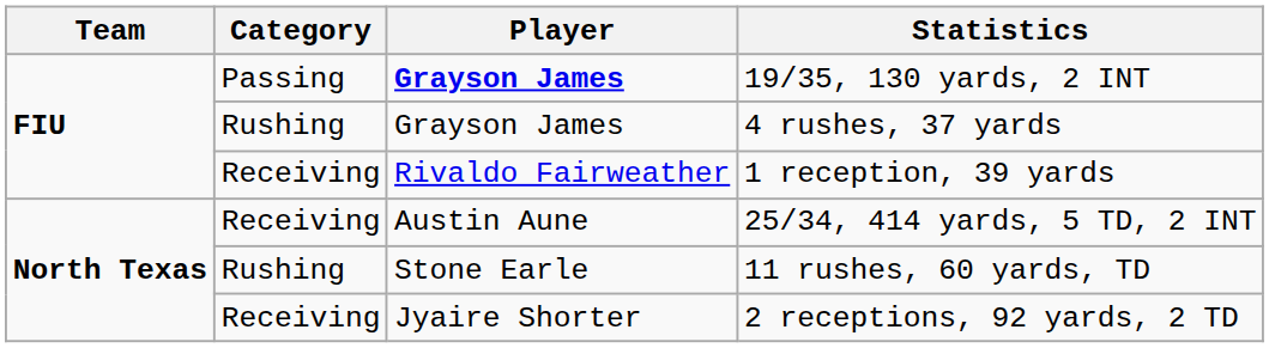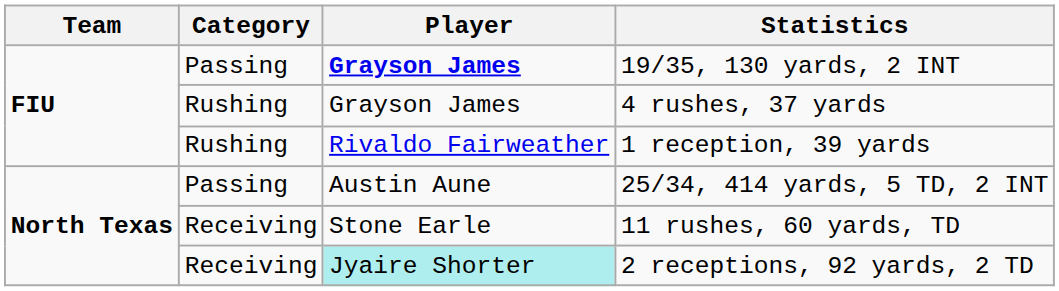 <table class="wikitable" style="float: left;">
 <tr>
 <th>Team</th>
 <th>Category</th>
 <th>Player</th>
 <th>Statistics</th>
 </tr>
 <tr>
 <td rowspan=3><strong>FIU</strong></td>
 <td>Passing</td>
 <td><strong><a href='#'>Grayson James</a></strong></td>
 <td>19/35, 130 yards, 2 INT</td>
 </tr>
 <tr>
 <td>Rushing</td>
 <td>Grayson James</td>
 <td>4 rushes, 37 yards</td>
 </tr>
 <tr>
-<td>Receiving</td>
+<td>Rushing</td>
 <td><a href='#'>Rivaldo Fairweather</a></td>
 <td>1 reception, 39 yards</td>
 </tr>
 <tr>
 <td rowspan=3><strong>North Texas</strong></td>
-<td>Receiving</td>
+<td>Passing</td>
 <td>Austin Aune</td>
 <td>25/34, 414 yards, 5 TD, 2 INT</td>
 </tr>
 <tr>
-<td>Rushing</td>
+<td>Receiving</td>
 <td>Stone Earle</td>
 <td>11 rushes, 60 yards, TD</td>
 </tr>
 <tr>
 <td>Receiving</td>
-<td>Jyaire Shorter</td>
+<td style="background: paleturquoise;">Jyaire Shorter</td>
 <td>2 receptions, 92 yards, 2 TD</td>
 </tr>
 </table>
